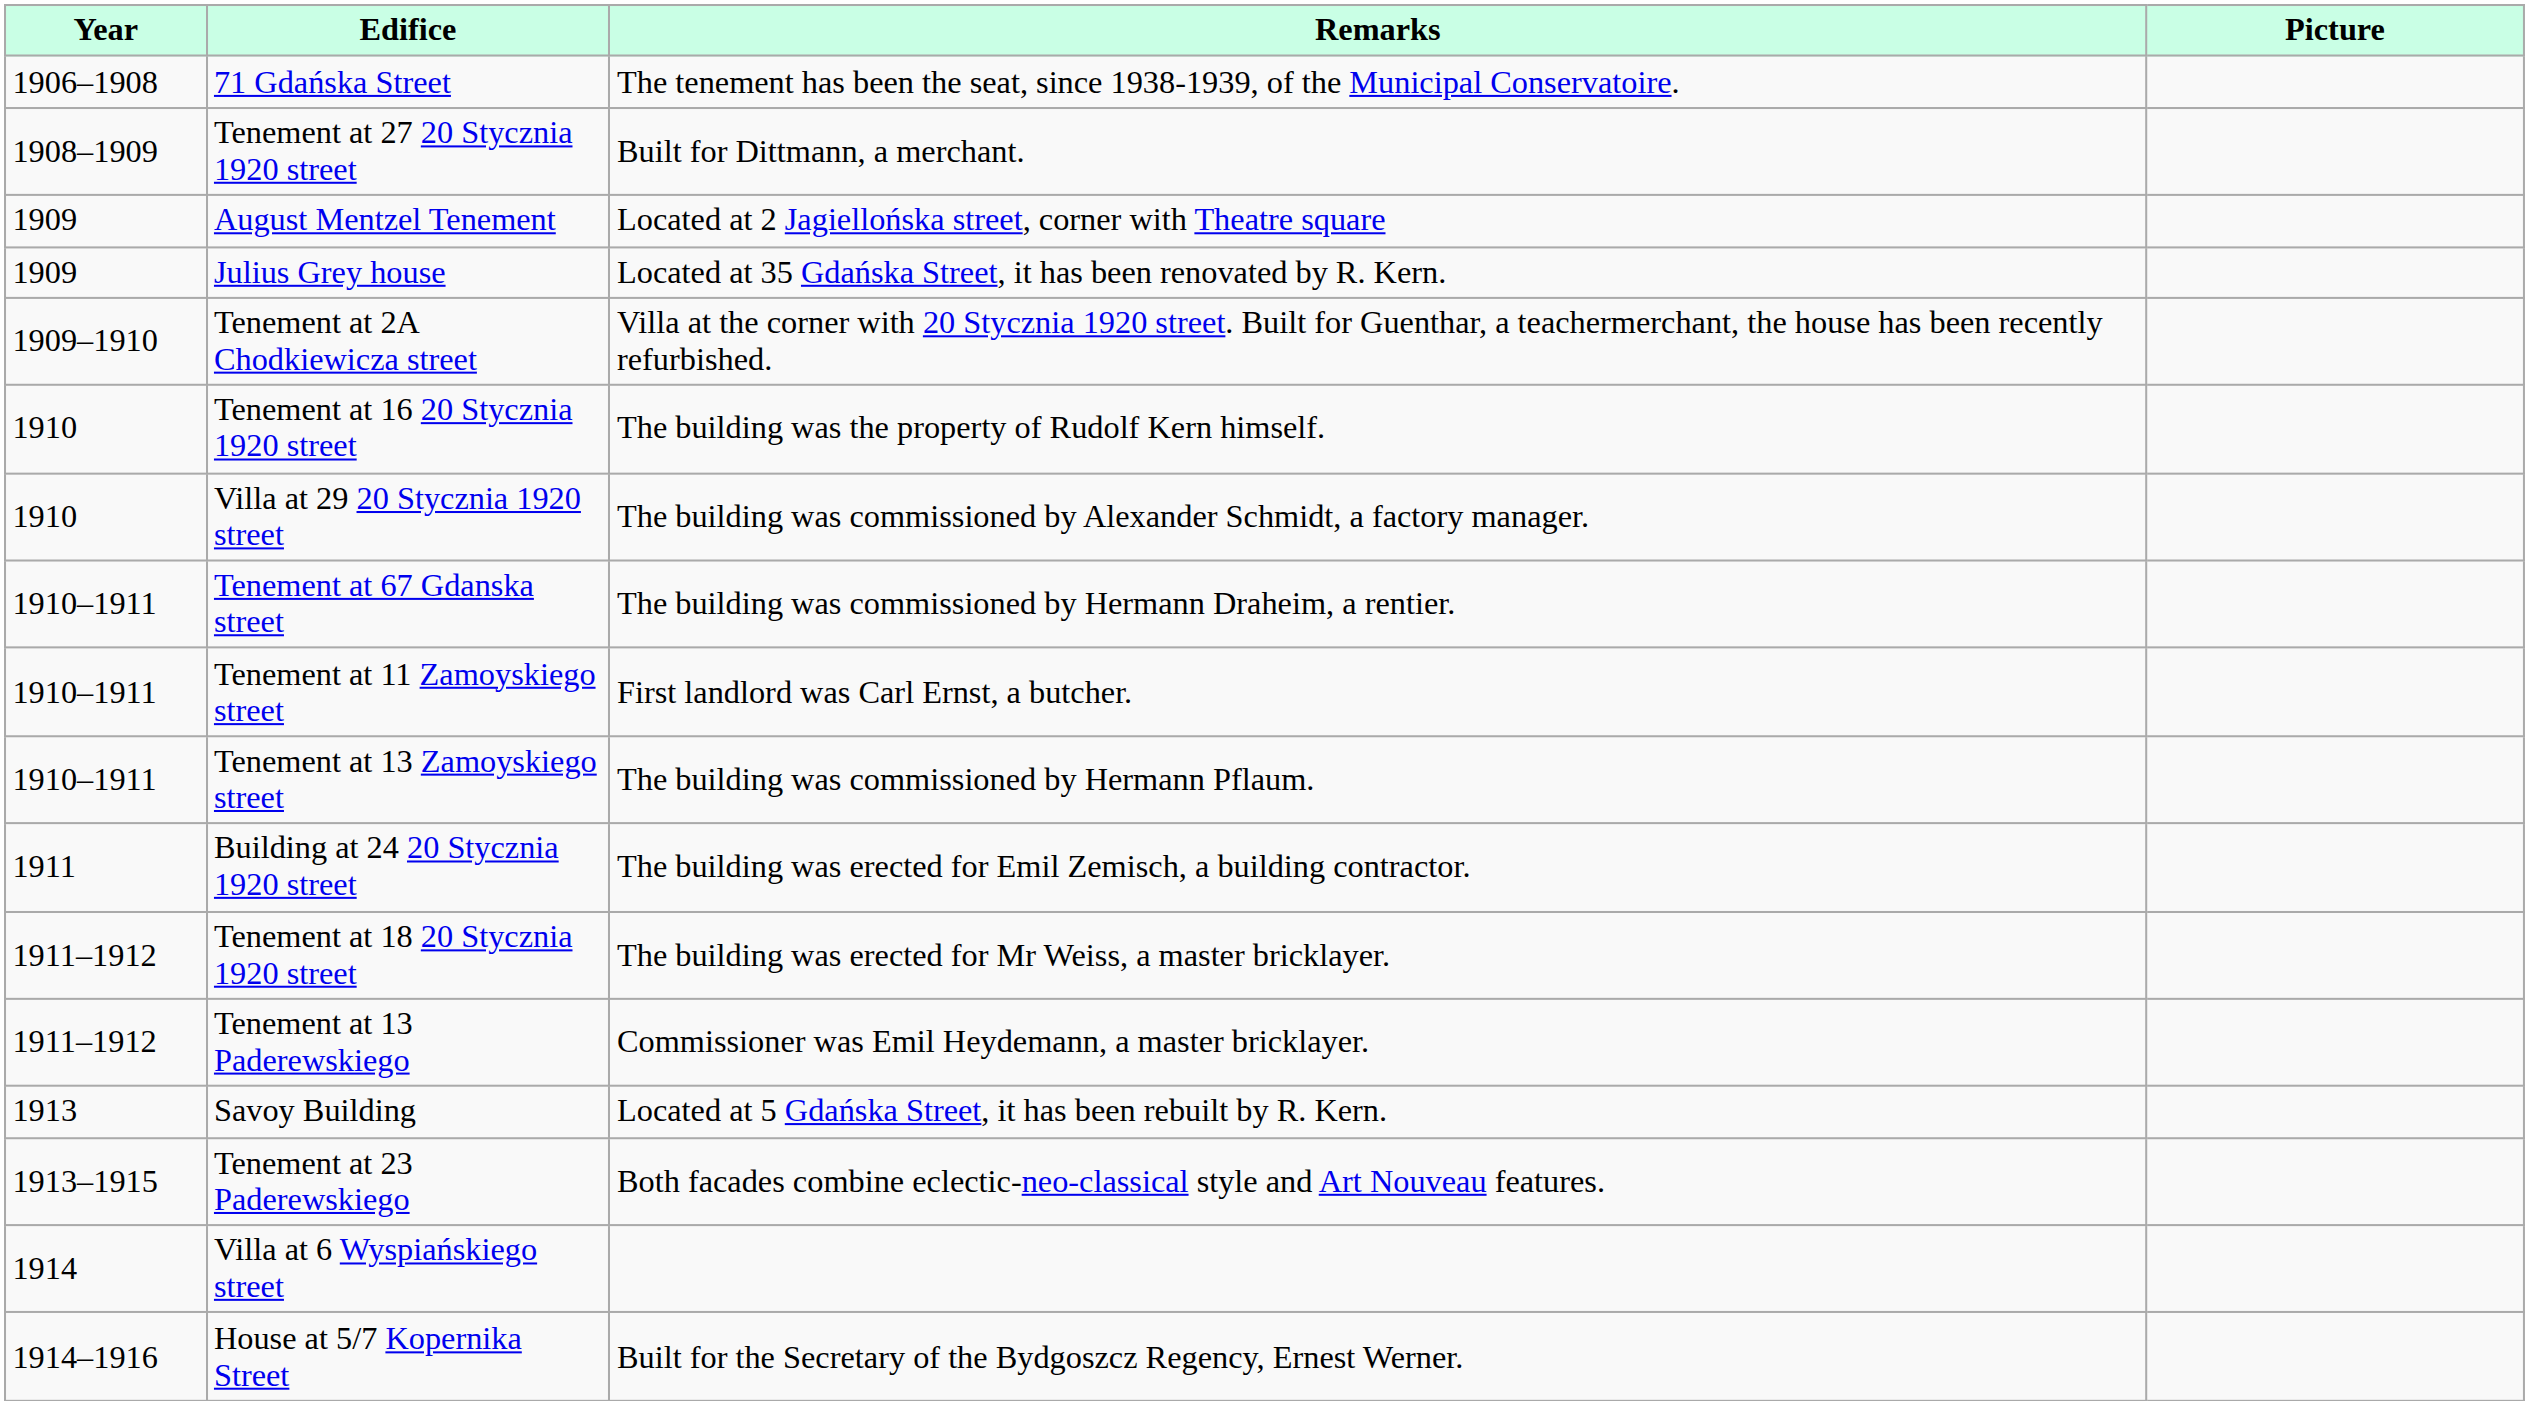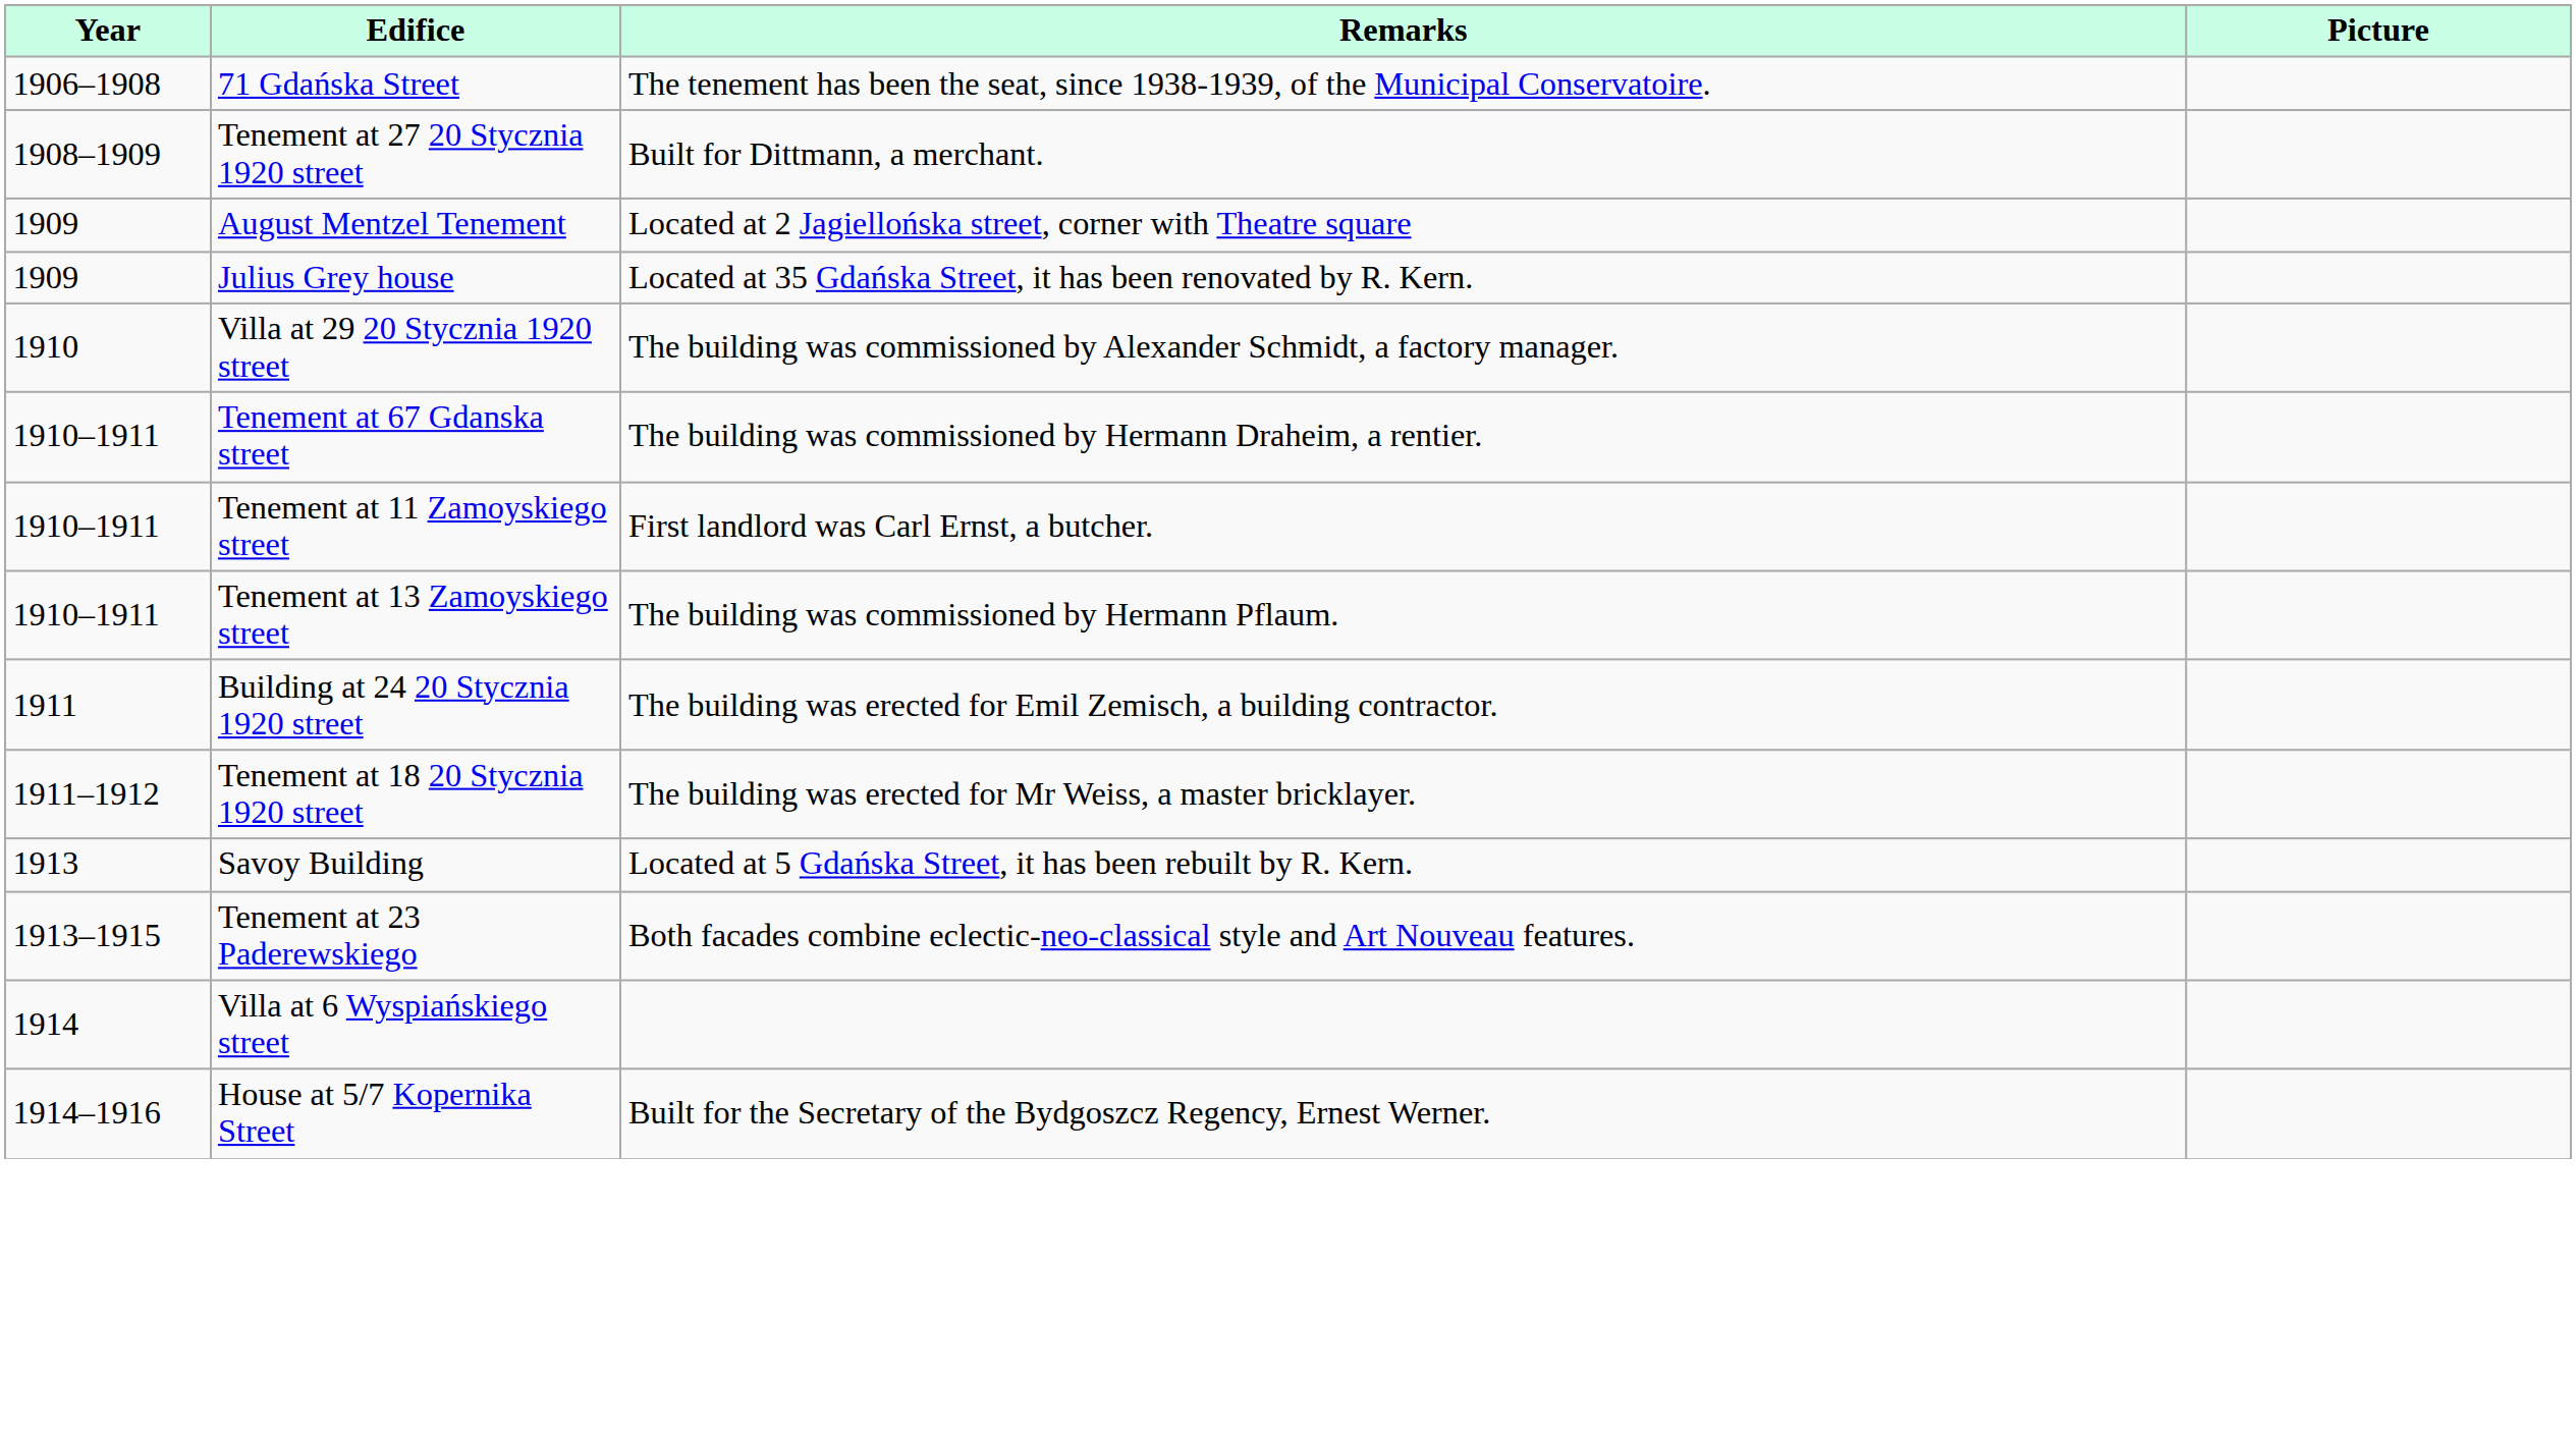 <table class="wikitable" style="flex:30em">
 <tr align="center" bgcolor="#C9FFE5">
 <td width=8%><strong>Year</strong></td>
 <td width=16%><strong>Edifice</strong></td>
 <td width=61%><strong>Remarks</strong></td>
 <td width=15%><strong>Picture</strong></td>
 </tr>
 <tr ----bgcolor="#FFFFFF">
 <td>1906–1908</td>
 <td><a href='#'>71 Gdańska Street</a></td>
 <td>The tenement has been the seat, since 1938-1939, of the <a href='#'>Municipal Conservatoire</a>.</td>
 <td></td>
 </tr>
 <tr ---->
 <td>1908–1909</td>
 <td>Tenement at 27 <a href='#'>20 Stycznia 1920 street</a></td>
 <td>Built for Dittmann, a merchant.</td>
 <td></td>
 </tr>
 <tr ----bgcolor="#FFFFFF">
 <td>1909</td>
 <td><a href='#'>August Mentzel Tenement</a></td>
 <td>Located at 2 <a href='#'>Jagiellońska street</a>, corner with <a href='#'>Theatre square</a></td>
 <td></td>
 </tr>
 <tr ---->
 <td>1909</td>
 <td><a href='#'>Julius Grey house</a></td>
 <td>Located at 35 <a href='#'>Gdańska Street</a>, it has been renovated by R. Kern.</td>
-<td></td>
-</tr>
-<tr ----bgcolor="#FFFFFF">
-<td>1909–1910</td>
-<td>Tenement at 2A <a href='#'>Chodkiewicza street</a></td>
-<td>Villa at the corner with <a href='#'>20 Stycznia 1920 street</a>. Built for Guenthar, a teachermerchant, the house has been recently refurbished.</td>
-<td></td>
-</tr>
-<tr ---->
-<td>1910</td>
-<td>Tenement at 16 <a href='#'>20 Stycznia 1920 street</a></td>
-<td>The building was the property of Rudolf Kern himself.</td>
 <td></td>
 </tr>
 <tr ----bgcolor="#FFFFFF">
 <td>1910</td>
 <td>Villa at 29 <a href='#'>20 Stycznia 1920 street</a></td>
 <td>The building was commissioned by Alexander Schmidt, a factory manager.</td>
 <td></td>
 </tr>
 <tr ---->
 <td>1910–1911</td>
 <td><a href='#'>Tenement at 67 Gdanska street</a></td>
 <td>The building was commissioned by Hermann Draheim, a rentier.</td>
 <td></td>
 </tr>
 <tr ----bgcolor="#FFFFFF">
 <td>1910–1911</td>
 <td>Tenement at 11 <a href='#'>Zamoyskiego street</a></td>
 <td>First landlord was Carl Ernst, a butcher.</td>
 <td></td>
 </tr>
 <tr ---->
 <td>1910–1911</td>
 <td>Tenement at 13 <a href='#'>Zamoyskiego street</a></td>
 <td>The building was commissioned by Hermann Pflaum.</td>
 <td></td>
 </tr>
 <tr ----bgcolor="#FFFFFF">
 <td>1911</td>
 <td>Building at 24 <a href='#'>20 Stycznia 1920 street</a></td>
 <td>The building was erected for Emil Zemisch, a building contractor.</td>
 <td></td>
 </tr>
 <tr ---->
 <td>1911–1912</td>
 <td>Tenement at 18 <a href='#'>20 Stycznia 1920 street</a></td>
 <td>The building was erected for Mr Weiss, a master bricklayer.</td>
 <td></td>
 </tr>
-<tr ----bgcolor="#FFFFFF">
-<td>1911–1912</td>
-<td>Tenement at 13 <a href='#'>Paderewskiego</a></td>
-<td>Commissioner was Emil Heydemann, a master bricklayer.</td>
-<td></td>
-</tr>
 <tr ---->
 <td>1913</td>
 <td>Savoy Building</td>
 <td>Located at 5 <a href='#'>Gdańska Street</a>, it has been rebuilt by R. Kern.</td>
 <td></td>
 </tr>
 <tr ----bgcolor="#FFFFFF">
 <td>1913–1915</td>
 <td>Tenement at 23 <a href='#'>Paderewskiego</a></td>
 <td>Both facades combine eclectic-<a href='#'>neo-classical</a> style and <a href='#'>Art Nouveau</a> features.</td>
 <td></td>
 </tr>
 <tr ---->
 <td>1914</td>
 <td>Villa at 6 <a href='#'>Wyspiańskiego street</a></td>
 <td></td>
 <td></td>
 </tr>
 <tr ----bgcolor="#FFFFFF">
 <td>1914–1916</td>
 <td>House at 5/7 <a href='#'>Kopernika Street</a></td>
 <td>Built for the Secretary of the Bydgoszcz Regency, Ernest Werner.</td>
 <td></td>
 </tr>
 </table>
